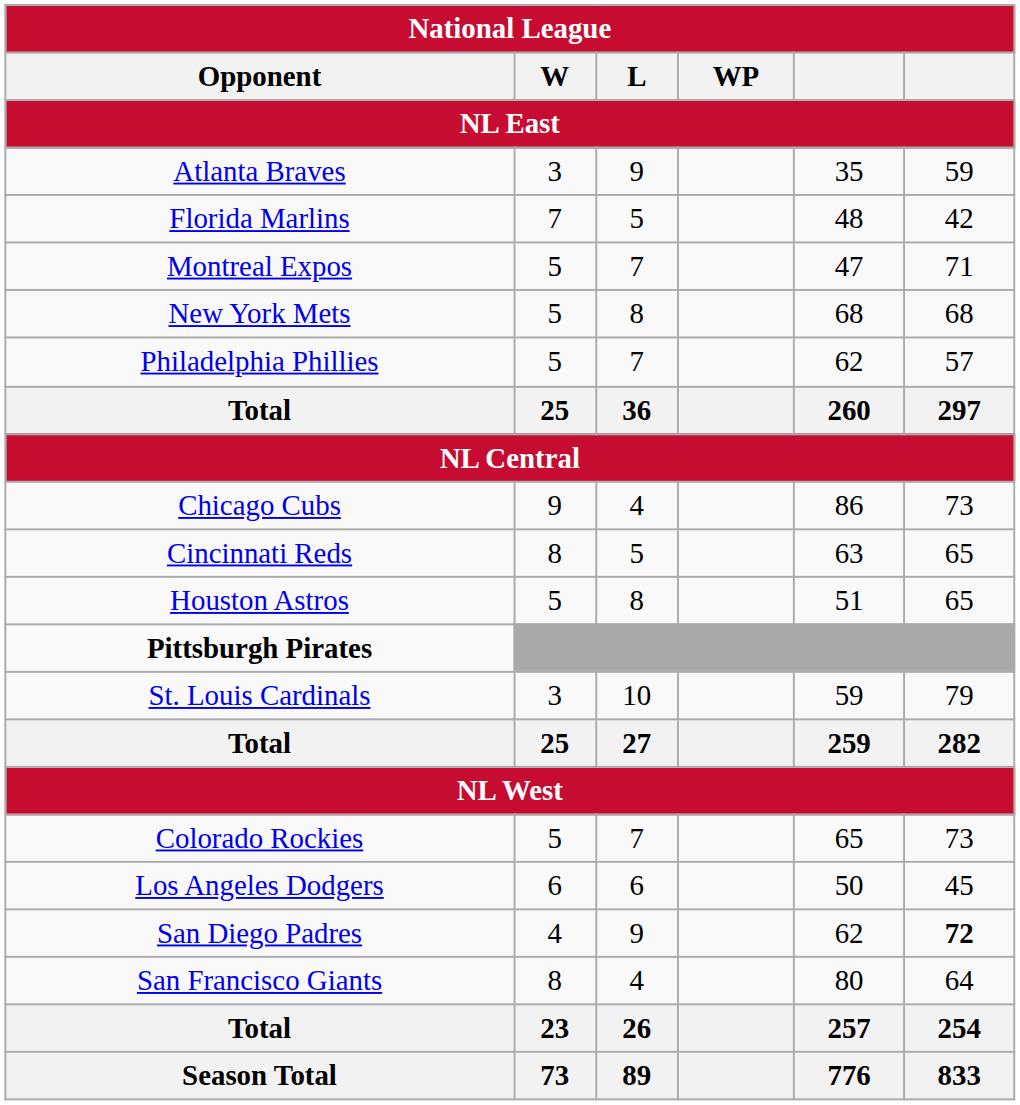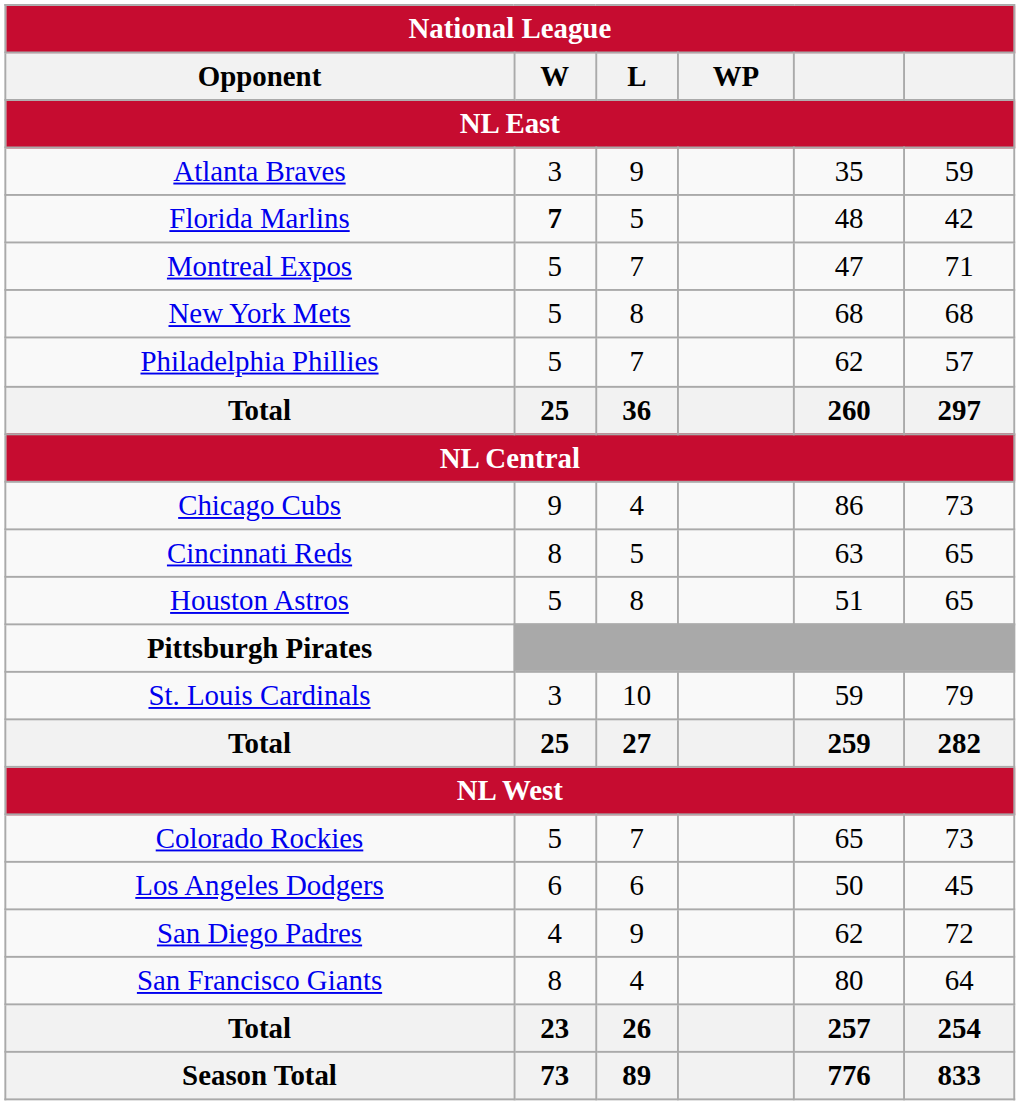 <table class="wikitable" style="font-size:95%; text-align:center; width:35em;margin: 0.5em auto;">
 <tr>
 <th colspan="7" style="background:#c60c30; color:#ffffff;">National League</th>
 </tr>
 <tr>
 <th>Opponent</th>
 <th>W</th>
 <th>L</th>
 <th>WP</th>
 <th></th>
 <th></th>
 </tr>
 <tr>
 <th colspan="7" style="background:#c60c30; color:#ffffff;">NL East</th>
 </tr>
 <tr>
 <td><a href='#'>Atlanta Braves</a></td>
 <td>3</td>
 <td>9</td>
 <td></td>
 <td>35</td>
 <td>59</td>
 </tr>
 <tr>
 <td><a href='#'>Florida Marlins</a></td>
-<td>7</td>
+<td><strong>7</strong></td>
 <td>5</td>
 <td></td>
 <td>48</td>
 <td>42</td>
 </tr>
 <tr>
 <td><a href='#'>Montreal Expos</a></td>
 <td>5</td>
 <td>7</td>
 <td></td>
 <td>47</td>
 <td>71</td>
 </tr>
 <tr>
 <td><a href='#'>New York Mets</a></td>
 <td>5</td>
 <td>8</td>
 <td></td>
 <td>68</td>
 <td>68</td>
 </tr>
 <tr>
 <td><a href='#'>Philadelphia Phillies</a></td>
 <td>5</td>
 <td>7</td>
 <td></td>
 <td>62</td>
 <td>57</td>
 </tr>
 <tr>
 <th>Total</th>
 <th>25</th>
 <th>36</th>
 <th></th>
 <th>260</th>
 <th>297</th>
 </tr>
 <tr>
 <th colspan="7" style="background:#c60c30; color:#ffffff;">NL Central</th>
 </tr>
 <tr>
 <td><a href='#'>Chicago Cubs</a></td>
 <td>9</td>
 <td>4</td>
 <td></td>
 <td>86</td>
 <td>73</td>
 </tr>
 <tr>
 <td><a href='#'>Cincinnati Reds</a></td>
 <td>8</td>
 <td>5</td>
 <td></td>
 <td>63</td>
 <td>65</td>
 </tr>
 <tr>
 <td><a href='#'>Houston Astros</a></td>
 <td>5</td>
 <td>8</td>
 <td></td>
 <td>51</td>
 <td>65</td>
 </tr>
 <tr>
 <td><strong>Pittsburgh Pirates</strong></td>
 <td colspan=5 style="background:darkgray;"></td>
 </tr>
 <tr>
 <td><a href='#'>St. Louis Cardinals</a></td>
 <td>3</td>
 <td>10</td>
 <td></td>
 <td>59</td>
 <td>79</td>
 </tr>
 <tr>
 <th>Total</th>
 <th>25</th>
 <th>27</th>
 <th></th>
 <th>259</th>
 <th>282</th>
 </tr>
 <tr>
 <th colspan="7" style="background:#c60c30; color:#ffffff;">NL West</th>
 </tr>
 <tr>
 <td><a href='#'>Colorado Rockies</a></td>
 <td>5</td>
 <td>7</td>
 <td></td>
 <td>65</td>
 <td>73</td>
 </tr>
 <tr>
 <td><a href='#'>Los Angeles Dodgers</a></td>
 <td>6</td>
 <td>6</td>
 <td></td>
 <td>50</td>
 <td>45</td>
 </tr>
 <tr>
 <td><a href='#'>San Diego Padres</a></td>
 <td>4</td>
 <td>9</td>
 <td></td>
 <td>62</td>
-<td><strong>72</strong></td>
+<td>72</td>
 </tr>
 <tr>
 <td><a href='#'>San Francisco Giants</a></td>
 <td>8</td>
 <td>4</td>
 <td></td>
 <td>80</td>
 <td>64</td>
 </tr>
 <tr>
 <th>Total</th>
 <th>23</th>
 <th>26</th>
 <th></th>
 <th>257</th>
 <th>254</th>
 </tr>
 <tr>
 <th>Season Total</th>
 <th>73</th>
 <th>89</th>
 <th></th>
 <th>776</th>
 <th>833</th>
 </tr>
 </table>
